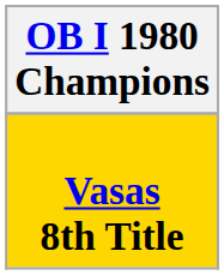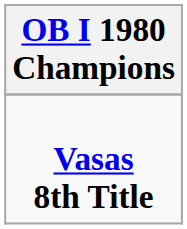 <table class="wikitable" style="text-align: center; margin: 0 auto;">
 <tr>
 <th><a href='#'>OB I</a> 1980<br>Champions</th>
 </tr>
 <tr>
 </tr>
 <tr>
-<td style="background: gold;"> <br><strong><a href='#'>Vasas</a></strong><br><strong>8th Title</strong></td>
+<td> <br><strong><a href='#'>Vasas</a></strong><br><strong>8th Title</strong></td>
 </tr>
 </table>
